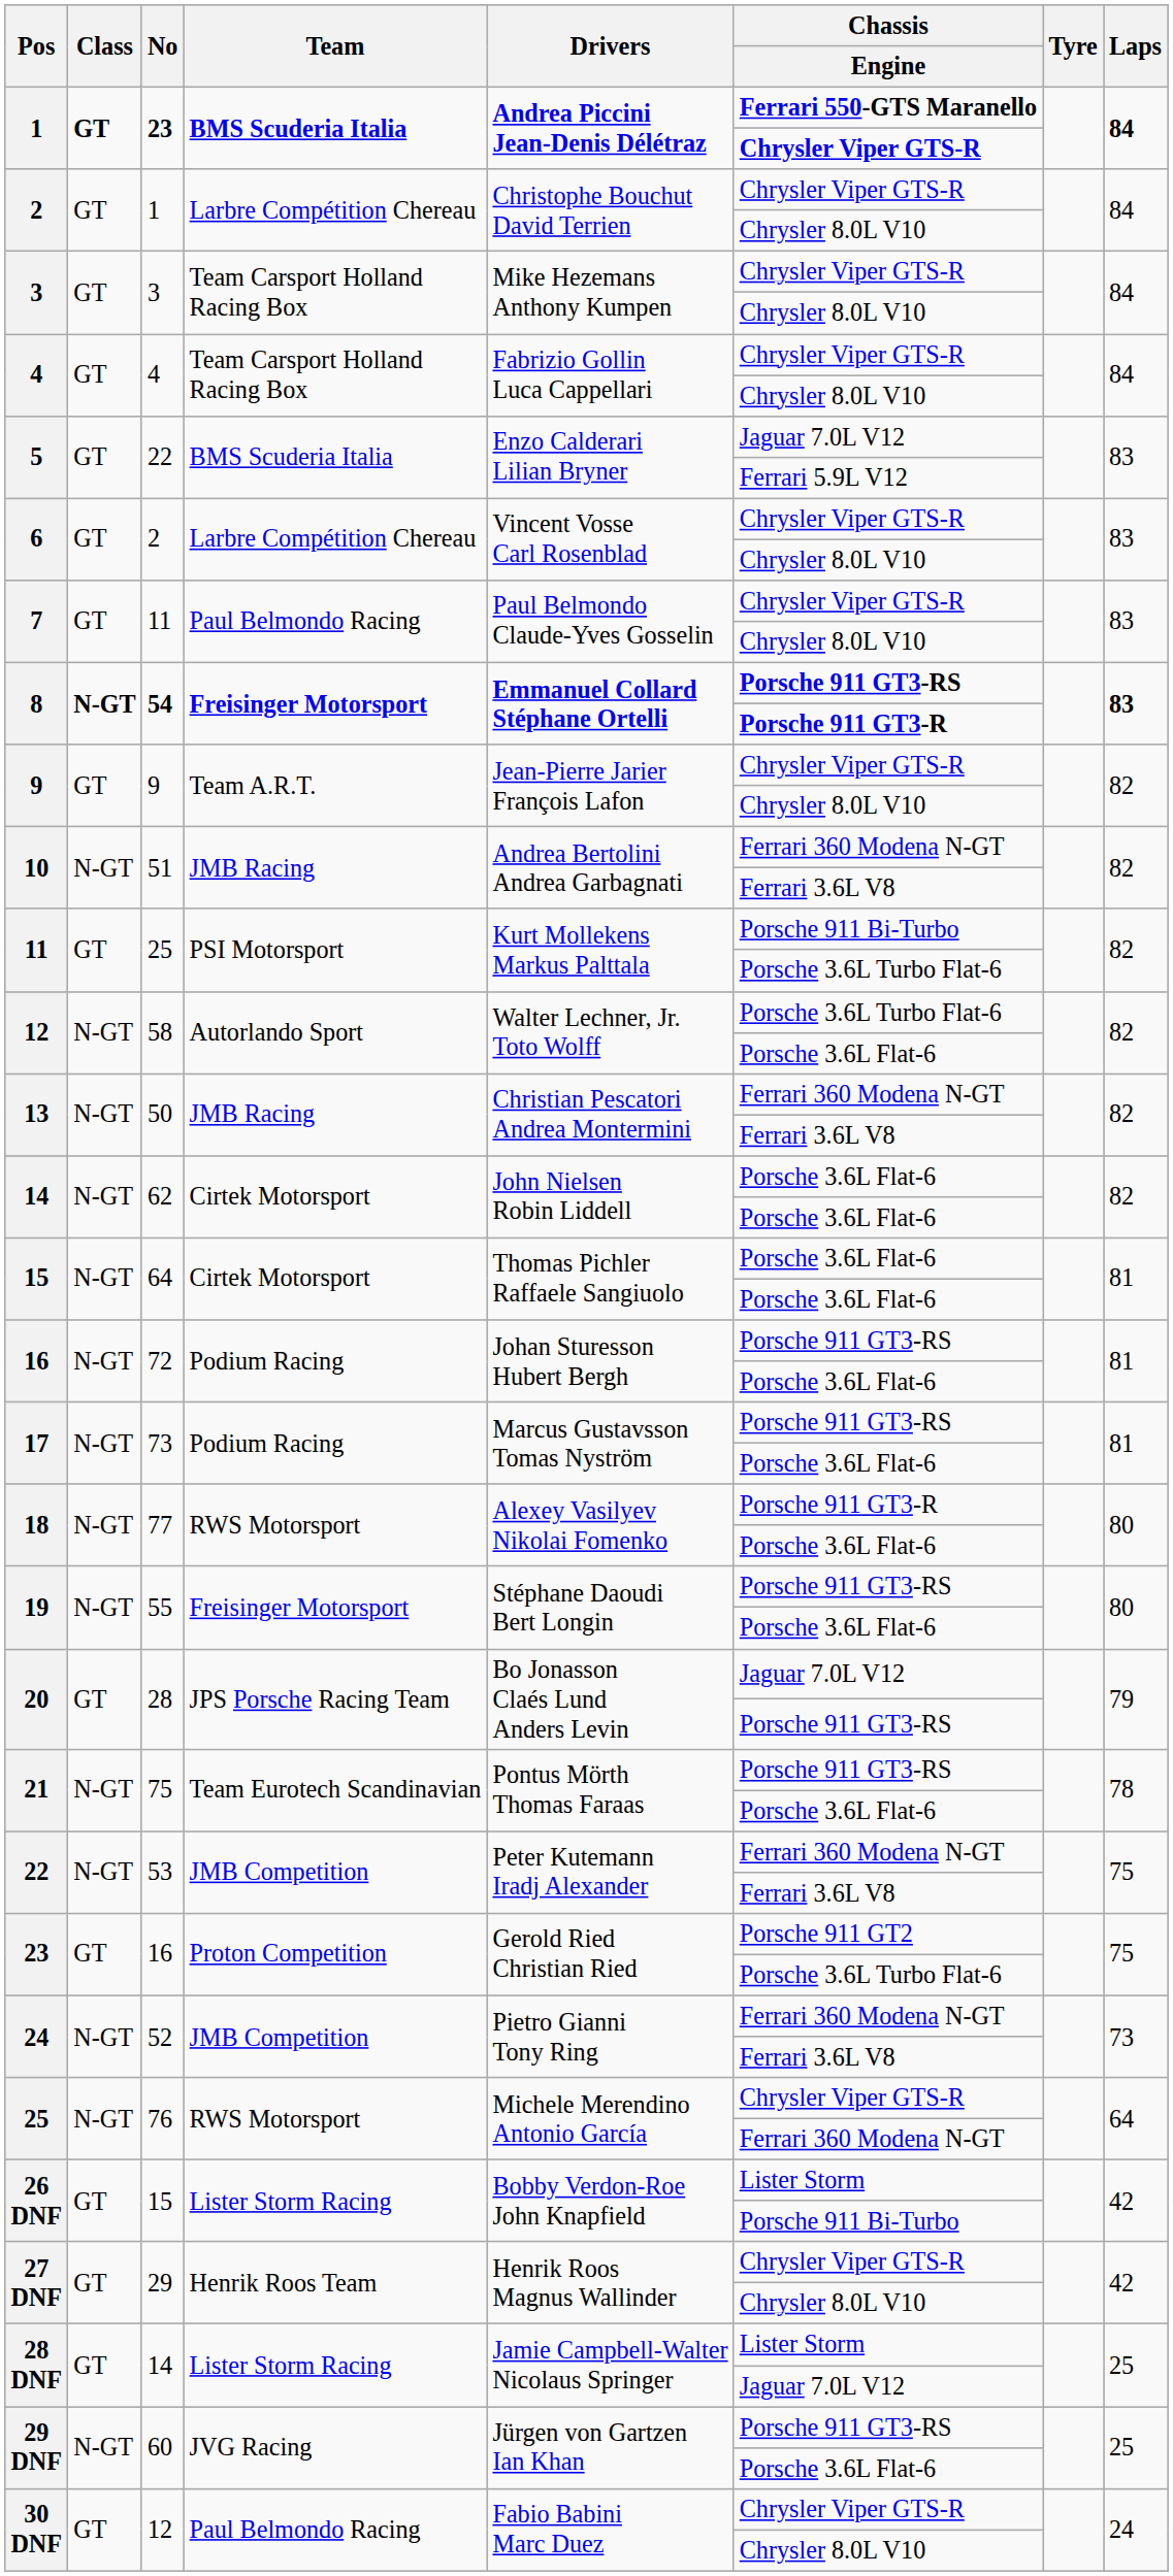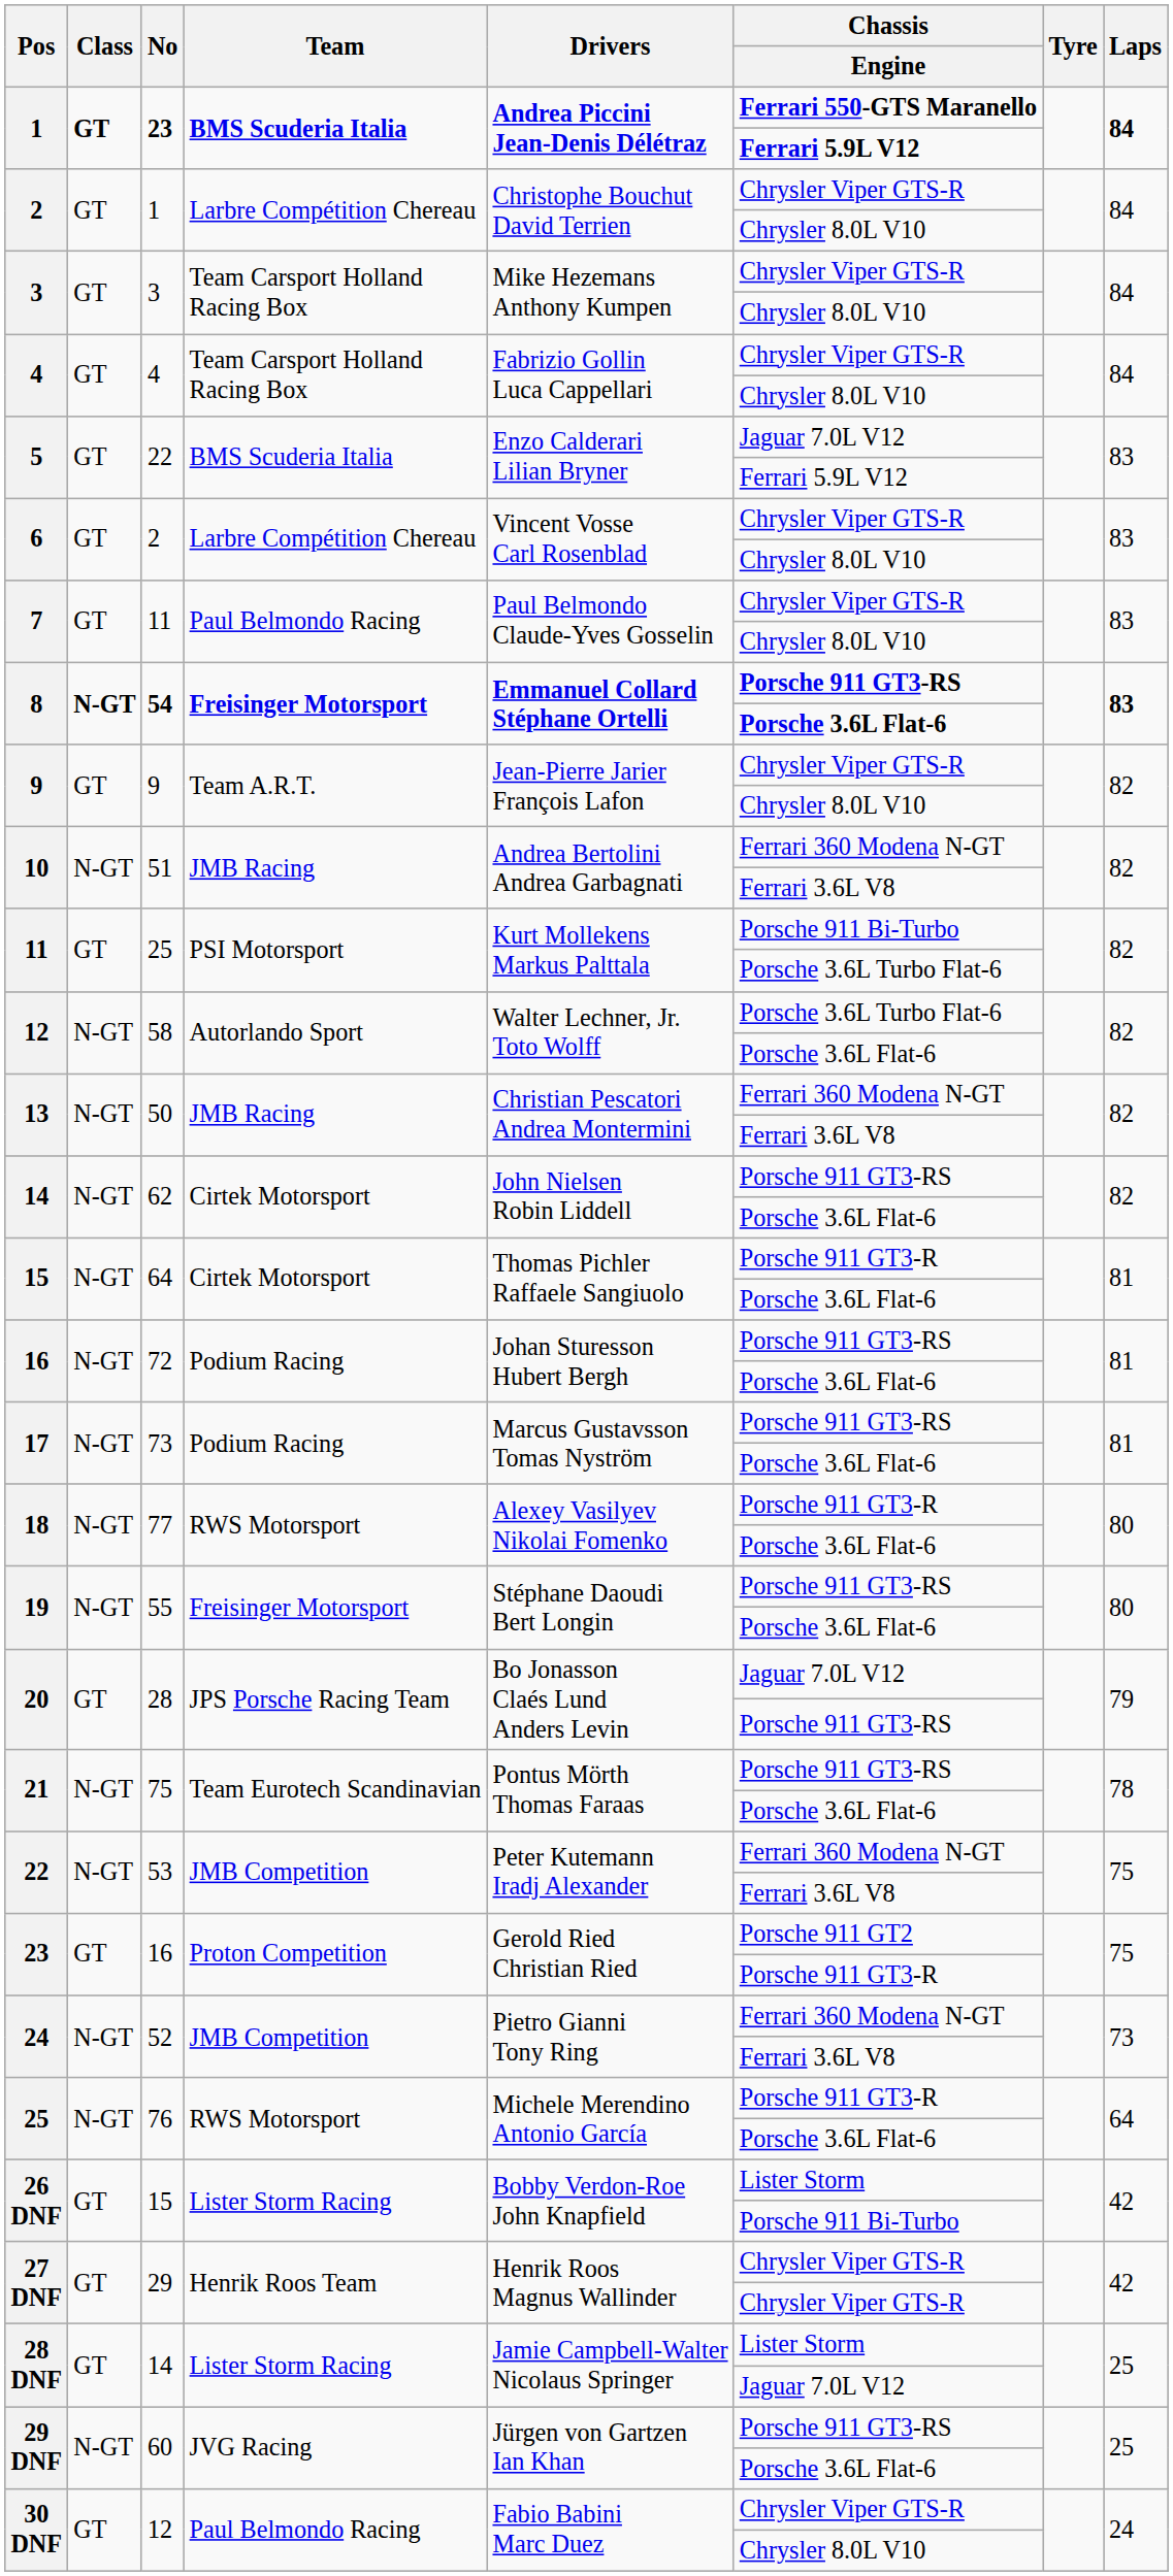 <table class="wikitable" style="font-size: 95%;">
 <tr>
 <th rowspan=2>Pos</th>
 <th rowspan=2>Class</th>
 <th rowspan=2>No</th>
 <th rowspan=2>Team</th>
 <th rowspan=2>Drivers</th>
 <th>Chassis</th>
 <th rowspan=2>Tyre</th>
 <th rowspan=2>Laps</th>
 </tr>
 <tr>
 <th>Engine</th>
 </tr>
 <tr style="font-weight:bold">
 <th rowspan=2>1</th>
 <td rowspan=2>GT</td>
 <td rowspan=2>23</td>
 <td rowspan=2> <a href='#'>BMS Scuderia Italia</a></td>
 <td rowspan=2> <a href='#'>Andrea Piccini</a><br> <a href='#'>Jean-Denis Délétraz</a></td>
 <td><a href='#'>Ferrari 550</a>-GTS Maranello</td>
 <td rowspan=2></td>
 <td rowspan=2>84</td>
 </tr>
 <tr style="font-weight:bold">
-<td><a href='#'>Chrysler Viper GTS-R</a></td>
+<td><a href='#'>Ferrari</a> 5.9L V12</td>
 </tr>
 <tr>
 <th rowspan=2>2</th>
 <td rowspan=2>GT</td>
 <td rowspan=2>1</td>
 <td rowspan=2> <a href='#'>Larbre Compétition</a> Chereau</td>
 <td rowspan=2> <a href='#'>Christophe Bouchut</a><br> <a href='#'>David Terrien</a></td>
 <td><a href='#'>Chrysler Viper GTS-R</a></td>
 <td rowspan=2></td>
 <td rowspan=2>84</td>
 </tr>
 <tr>
 <td><a href='#'>Chrysler</a> 8.0L V10</td>
 </tr>
 <tr>
 <th rowspan=2>3</th>
 <td rowspan=2>GT</td>
 <td rowspan=2>3</td>
 <td rowspan=2> Team Carsport Holland<br> Racing Box</td>
 <td rowspan=2> Mike Hezemans<br> Anthony Kumpen</td>
 <td><a href='#'>Chrysler Viper GTS-R</a></td>
 <td rowspan=2></td>
 <td rowspan=2>84</td>
 </tr>
 <tr>
 <td><a href='#'>Chrysler</a> 8.0L V10</td>
 </tr>
 <tr>
 <th rowspan=2>4</th>
 <td rowspan=2>GT</td>
 <td rowspan=2>4</td>
 <td rowspan=2> Team Carsport Holland<br> Racing Box</td>
 <td rowspan=2> <a href='#'>Fabrizio Gollin</a><br> Luca Cappellari</td>
 <td><a href='#'>Chrysler Viper GTS-R</a></td>
 <td rowspan=2></td>
 <td rowspan=2>84</td>
 </tr>
 <tr>
 <td><a href='#'>Chrysler</a> 8.0L V10</td>
 </tr>
 <tr>
 <th rowspan=2>5</th>
 <td rowspan=2>GT</td>
 <td rowspan=2>22</td>
 <td rowspan=2> <a href='#'>BMS Scuderia Italia</a></td>
 <td rowspan=2> <a href='#'>Enzo Calderari</a><br> <a href='#'>Lilian Bryner</a></td>
 <td><a href='#'>Jaguar</a> 7.0L V12</td>
 <td rowspan=2></td>
 <td rowspan=2>83</td>
 </tr>
 <tr>
 <td><a href='#'>Ferrari</a> 5.9L V12</td>
 </tr>
 <tr>
 <th rowspan=2>6</th>
 <td rowspan=2>GT</td>
 <td rowspan=2>2</td>
 <td rowspan=2> <a href='#'>Larbre Compétition</a> Chereau</td>
 <td rowspan=2> Vincent Vosse<br> <a href='#'>Carl Rosenblad</a></td>
 <td><a href='#'>Chrysler Viper GTS-R</a></td>
 <td rowspan=2></td>
 <td rowspan=2>83</td>
 </tr>
 <tr>
 <td><a href='#'>Chrysler</a> 8.0L V10</td>
 </tr>
 <tr>
 <th rowspan=2>7</th>
 <td rowspan=2>GT</td>
 <td rowspan=2>11</td>
 <td rowspan=2> <a href='#'>Paul Belmondo</a> Racing</td>
 <td rowspan=2> <a href='#'>Paul Belmondo</a><br> Claude-Yves Gosselin</td>
 <td><a href='#'>Chrysler Viper GTS-R</a></td>
 <td rowspan=2></td>
 <td rowspan=2>83</td>
 </tr>
 <tr>
 <td><a href='#'>Chrysler</a> 8.0L V10</td>
 </tr>
 <tr style="font-weight:bold">
 <th rowspan=2>8</th>
 <td rowspan=2>N-GT</td>
 <td rowspan=2>54</td>
 <td rowspan=2> <a href='#'>Freisinger Motorsport</a></td>
 <td rowspan=2> <a href='#'>Emmanuel Collard</a><br> <a href='#'>Stéphane Ortelli</a></td>
 <td><a href='#'>Porsche 911 GT3</a>-RS</td>
 <td rowspan=2></td>
 <td rowspan=2>83</td>
 </tr>
 <tr style="font-weight:bold">
-<td><a href='#'>Porsche 911 GT3</a>-R</td>
+<td><a href='#'>Porsche</a> 3.6L Flat-6</td>
 </tr>
 <tr>
 <th rowspan=2>9</th>
 <td rowspan=2>GT</td>
 <td rowspan=2>9</td>
 <td rowspan=2> Team A.R.T.</td>
 <td rowspan=2> <a href='#'>Jean-Pierre Jarier</a><br> François Lafon</td>
 <td><a href='#'>Chrysler Viper GTS-R</a></td>
 <td rowspan=2></td>
 <td rowspan=2>82</td>
 </tr>
 <tr>
 <td><a href='#'>Chrysler</a> 8.0L V10</td>
 </tr>
 <tr>
 <th rowspan=2>10</th>
 <td rowspan=2>N-GT</td>
 <td rowspan=2>51</td>
 <td rowspan=2> <a href='#'>JMB Racing</a></td>
 <td rowspan=2> <a href='#'>Andrea Bertolini</a><br> Andrea Garbagnati</td>
 <td><a href='#'>Ferrari 360 Modena</a> N-GT</td>
 <td rowspan=2></td>
 <td rowspan=2>82</td>
 </tr>
 <tr>
 <td><a href='#'>Ferrari</a> 3.6L V8</td>
 </tr>
 <tr>
 <th rowspan=2>11</th>
 <td rowspan=2>GT</td>
 <td rowspan=2>25</td>
 <td rowspan=2> PSI Motorsport</td>
 <td rowspan=2> <a href='#'>Kurt Mollekens</a><br> <a href='#'>Markus Palttala</a></td>
 <td><a href='#'>Porsche 911 Bi-Turbo</a></td>
 <td rowspan=2></td>
 <td rowspan=2>82</td>
 </tr>
 <tr>
 <td><a href='#'>Porsche</a> 3.6L Turbo Flat-6</td>
 </tr>
 <tr>
 <th rowspan=2>12</th>
 <td rowspan=2>N-GT</td>
 <td rowspan=2>58</td>
 <td rowspan=2> Autorlando Sport</td>
 <td rowspan=2> Walter Lechner, Jr.<br> <a href='#'>Toto Wolff</a></td>
 <td><a href='#'>Porsche</a> 3.6L Turbo Flat-6</td>
 <td rowspan=2></td>
 <td rowspan=2>82</td>
 </tr>
 <tr>
 <td><a href='#'>Porsche</a> 3.6L Flat-6</td>
 </tr>
 <tr>
 <th rowspan=2>13</th>
 <td rowspan=2>N-GT</td>
 <td rowspan=2>50</td>
 <td rowspan=2> <a href='#'>JMB Racing</a></td>
 <td rowspan=2> <a href='#'>Christian Pescatori</a><br> <a href='#'>Andrea Montermini</a></td>
 <td><a href='#'>Ferrari 360 Modena</a> N-GT</td>
 <td rowspan=2></td>
 <td rowspan=2>82</td>
 </tr>
 <tr>
 <td><a href='#'>Ferrari</a> 3.6L V8</td>
 </tr>
 <tr>
 <th rowspan=2>14</th>
 <td rowspan=2>N-GT</td>
 <td rowspan=2>62</td>
 <td rowspan=2> Cirtek Motorsport</td>
 <td rowspan=2> <a href='#'>John Nielsen</a><br> Robin Liddell</td>
-<td><a href='#'>Porsche</a> 3.6L Flat-6</td>
+<td><a href='#'>Porsche 911 GT3</a>-RS</td>
 <td rowspan=2></td>
 <td rowspan=2>82</td>
 </tr>
 <tr>
 <td><a href='#'>Porsche</a> 3.6L Flat-6</td>
 </tr>
 <tr>
 <th rowspan=2>15</th>
 <td rowspan=2>N-GT</td>
 <td rowspan=2>64</td>
 <td rowspan=2> Cirtek Motorsport</td>
 <td rowspan=2> Thomas Pichler<br> Raffaele Sangiuolo</td>
-<td><a href='#'>Porsche</a> 3.6L Flat-6</td>
+<td><a href='#'>Porsche 911 GT3</a>-R</td>
 <td rowspan=2></td>
 <td rowspan=2>81</td>
 </tr>
 <tr>
 <td><a href='#'>Porsche</a> 3.6L Flat-6</td>
 </tr>
 <tr>
 <th rowspan=2>16</th>
 <td rowspan=2>N-GT</td>
 <td rowspan=2>72</td>
 <td rowspan=2> Podium Racing</td>
 <td rowspan=2> Johan Sturesson<br> Hubert Bergh</td>
 <td><a href='#'>Porsche 911 GT3</a>-RS</td>
 <td rowspan=2></td>
 <td rowspan=2>81</td>
 </tr>
 <tr>
 <td><a href='#'>Porsche</a> 3.6L Flat-6</td>
 </tr>
 <tr>
 <th rowspan=2>17</th>
 <td rowspan=2>N-GT</td>
 <td rowspan=2>73</td>
 <td rowspan=2> Podium Racing</td>
 <td rowspan=2> Marcus Gustavsson<br> Tomas Nyström</td>
 <td><a href='#'>Porsche 911 GT3</a>-RS</td>
 <td rowspan=2></td>
 <td rowspan=2>81</td>
 </tr>
 <tr>
 <td><a href='#'>Porsche</a> 3.6L Flat-6</td>
 </tr>
 <tr>
 <th rowspan=2>18</th>
 <td rowspan=2>N-GT</td>
 <td rowspan=2>77</td>
 <td rowspan=2> RWS Motorsport</td>
 <td rowspan=2> <a href='#'>Alexey Vasilyev</a><br> <a href='#'>Nikolai Fomenko</a></td>
 <td><a href='#'>Porsche 911 GT3</a>-R</td>
 <td rowspan=2></td>
 <td rowspan=2>80</td>
 </tr>
 <tr>
 <td><a href='#'>Porsche</a> 3.6L Flat-6</td>
 </tr>
 <tr>
 <th rowspan=2>19</th>
 <td rowspan=2>N-GT</td>
 <td rowspan=2>55</td>
 <td rowspan=2> <a href='#'>Freisinger Motorsport</a></td>
 <td rowspan=2> Stéphane Daoudi<br> Bert Longin</td>
 <td><a href='#'>Porsche 911 GT3</a>-RS</td>
 <td rowspan=2></td>
 <td rowspan=2>80</td>
 </tr>
 <tr>
 <td><a href='#'>Porsche</a> 3.6L Flat-6</td>
 </tr>
 <tr>
 <th rowspan=2>20</th>
 <td rowspan=2>GT</td>
 <td rowspan=2>28</td>
 <td rowspan=2> JPS <a href='#'>Porsche</a> Racing Team</td>
 <td rowspan=2> Bo Jonasson<br> Claés Lund<br> Anders Levin</td>
 <td><a href='#'>Jaguar</a> 7.0L V12</td>
 <td rowspan=2></td>
 <td rowspan=2>79</td>
 </tr>
 <tr>
 <td><a href='#'>Porsche 911 GT3</a>-RS</td>
 </tr>
 <tr>
 <th rowspan=2>21</th>
 <td rowspan=2>N-GT</td>
 <td rowspan=2>75</td>
 <td rowspan=2> Team Eurotech Scandinavian</td>
 <td rowspan=2> Pontus Mörth<br> Thomas Faraas</td>
 <td><a href='#'>Porsche 911 GT3</a>-RS</td>
 <td rowspan=2></td>
 <td rowspan=2>78</td>
 </tr>
 <tr>
 <td><a href='#'>Porsche</a> 3.6L Flat-6</td>
 </tr>
 <tr>
 <th rowspan=2>22</th>
 <td rowspan=2>N-GT</td>
 <td rowspan=2>53</td>
 <td rowspan=2> <a href='#'>JMB Competition</a></td>
 <td rowspan=2> Peter Kutemann<br> <a href='#'>Iradj Alexander</a></td>
 <td><a href='#'>Ferrari 360 Modena</a> N-GT</td>
 <td rowspan=2></td>
 <td rowspan=2>75</td>
 </tr>
 <tr>
 <td><a href='#'>Ferrari</a> 3.6L V8</td>
 </tr>
 <tr>
 <th rowspan=2>23</th>
 <td rowspan=2>GT</td>
 <td rowspan=2>16</td>
 <td rowspan=2> <a href='#'>Proton Competition</a></td>
 <td rowspan=2> Gerold Ried<br> Christian Ried</td>
 <td><a href='#'>Porsche 911 GT2</a></td>
 <td rowspan=2></td>
 <td rowspan=2>75</td>
 </tr>
 <tr>
-<td><a href='#'>Porsche</a> 3.6L Turbo Flat-6</td>
+<td><a href='#'>Porsche 911 GT3</a>-R</td>
 </tr>
 <tr>
 <th rowspan=2>24</th>
 <td rowspan=2>N-GT</td>
 <td rowspan=2>52</td>
 <td rowspan=2> <a href='#'>JMB Competition</a></td>
 <td rowspan=2> Pietro Gianni<br> Tony Ring</td>
 <td><a href='#'>Ferrari 360 Modena</a> N-GT</td>
 <td rowspan=2></td>
 <td rowspan=2>73</td>
 </tr>
 <tr>
 <td><a href='#'>Ferrari</a> 3.6L V8</td>
 </tr>
 <tr>
 <th rowspan=2>25</th>
 <td rowspan=2>N-GT</td>
 <td rowspan=2>76</td>
 <td rowspan=2> RWS Motorsport</td>
 <td rowspan=2> Michele Merendino<br> <a href='#'>Antonio García</a></td>
-<td><a href='#'>Chrysler Viper GTS-R</a></td>
+<td><a href='#'>Porsche 911 GT3</a>-R</td>
 <td rowspan=2></td>
 <td rowspan=2>64</td>
 </tr>
 <tr>
-<td><a href='#'>Ferrari 360 Modena</a> N-GT</td>
+<td><a href='#'>Porsche</a> 3.6L Flat-6</td>
 </tr>
 <tr>
 <th rowspan=2>26<br>DNF</th>
 <td rowspan=2>GT</td>
 <td rowspan=2>15</td>
 <td rowspan=2> <a href='#'>Lister Storm Racing</a></td>
 <td rowspan=2> <a href='#'>Bobby Verdon-Roe</a><br> John Knapfield</td>
 <td><a href='#'>Lister Storm</a></td>
 <td rowspan=2></td>
 <td rowspan=2>42</td>
 </tr>
 <tr>
 <td><a href='#'>Porsche 911 Bi-Turbo</a></td>
 </tr>
 <tr>
 <th rowspan=2>27<br>DNF</th>
 <td rowspan=2>GT</td>
 <td rowspan=2>29</td>
 <td rowspan=2> Henrik Roos Team</td>
 <td rowspan=2> Henrik Roos<br> Magnus Wallinder</td>
 <td><a href='#'>Chrysler Viper GTS-R</a></td>
 <td rowspan=2></td>
 <td rowspan=2>42</td>
 </tr>
 <tr>
-<td><a href='#'>Chrysler</a> 8.0L V10</td>
+<td><a href='#'>Chrysler Viper GTS-R</a></td>
 </tr>
 <tr>
 <th rowspan=2>28<br>DNF</th>
 <td rowspan=2>GT</td>
 <td rowspan=2>14</td>
 <td rowspan=2> <a href='#'>Lister Storm Racing</a></td>
 <td rowspan=2> <a href='#'>Jamie Campbell-Walter</a><br> Nicolaus Springer</td>
 <td><a href='#'>Lister Storm</a></td>
 <td rowspan=2></td>
 <td rowspan=2>25</td>
 </tr>
 <tr>
 <td><a href='#'>Jaguar</a> 7.0L V12</td>
 </tr>
 <tr>
 <th rowspan=2>29<br>DNF</th>
 <td rowspan=2>N-GT</td>
 <td rowspan=2>60</td>
 <td rowspan=2> JVG Racing</td>
 <td rowspan=2> Jürgen von Gartzen<br> <a href='#'>Ian Khan</a></td>
 <td><a href='#'>Porsche 911 GT3</a>-RS</td>
 <td rowspan=2></td>
 <td rowspan=2>25</td>
 </tr>
 <tr>
 <td><a href='#'>Porsche</a> 3.6L Flat-6</td>
 </tr>
 <tr>
 <th rowspan=2>30<br>DNF</th>
 <td rowspan=2>GT</td>
 <td rowspan=2>12</td>
 <td rowspan=2> <a href='#'>Paul Belmondo</a> Racing</td>
 <td rowspan=2> <a href='#'>Fabio Babini</a><br> <a href='#'>Marc Duez</a></td>
 <td><a href='#'>Chrysler Viper GTS-R</a></td>
 <td rowspan=2></td>
 <td rowspan=2>24</td>
 </tr>
 <tr>
 <td><a href='#'>Chrysler</a> 8.0L V10</td>
 </tr>
 </table>
